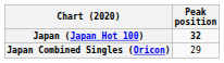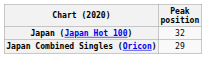 <table class="wikitable sortable plainrowheaders" style="text-align:center">
 <tr>
 <th scope="col">Chart (2020)</th>
 <th scope="col">Peak<br>position</th>
 </tr>
 <tr>
 <th scope="row">Japan (<a href='#'>Japan Hot 100</a>)</th>
-<td><strong>32</strong></td>
+<td>32</td>
 </tr>
 <tr>
 <th scope="row">Japan Combined Singles (<a href='#'>Oricon</a>)</th>
 <td>29</td>
 </tr>
 </table>
